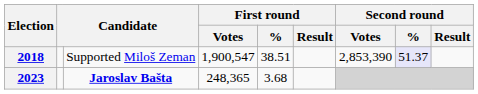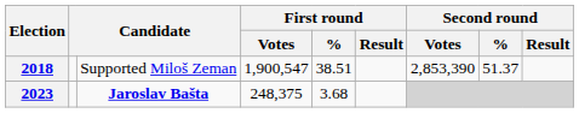 <table class="wikitable" style="text-align: center;">
 <tr>
 <th rowspan=2>Election</th>
 <th rowspan=2 colspan=2>Candidate</th>
 <th colspan=3>First round</th>
 <th colspan=3>Second round</th>
 </tr>
 <tr>
 <th>Votes</th>
 <th>%</th>
 <th>Result</th>
 <th>Votes</th>
 <th>%</th>
 <th>Result</th>
 </tr>
 <tr>
 <th><a href='#'>2018</a></th>
 <td style="background-color: "></td>
 <td>Supported <a href='#'>Miloš Zeman</a></td>
 <td>1,900,547</td>
 <td>38.51</td>
 <td></td>
 <td>2,853,390</td>
-<td style="background: lavender;">51.37</td>
+<td>51.37</td>
 <td></td>
 </tr>
 <tr>
 <th><a href='#'>2023</a></th>
 <td style="background-color: "></td>
 <td><strong><a href='#'>Jaroslav Bašta</a></strong></td>
-<td>248,365</td>
+<td>248,375</td>
 <td>3.68</td>
 <td></td>
 <td colspan="3"  style="background-color:lightgrey;"> </td>
 </tr>
 </table>
